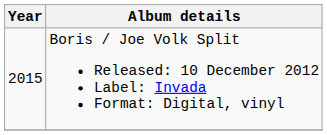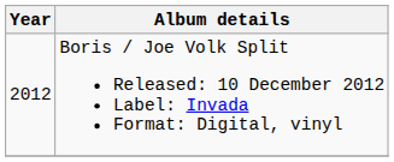 <table class="wikitable">
 <tr>
 <th>Year</th>
 <th>Album details</th>
 </tr>
 <tr>
-<td>2015</td>
+<td>2012</td>
 <td>Boris / Joe Volk Split<br><ul><li>Released: 10 December 2012</li><li>Label: <a href='#'>Invada</a></li><li>Format: Digital, vinyl</li></ul></td>
 </tr>
 <tr>
 </tr>
 </table>
